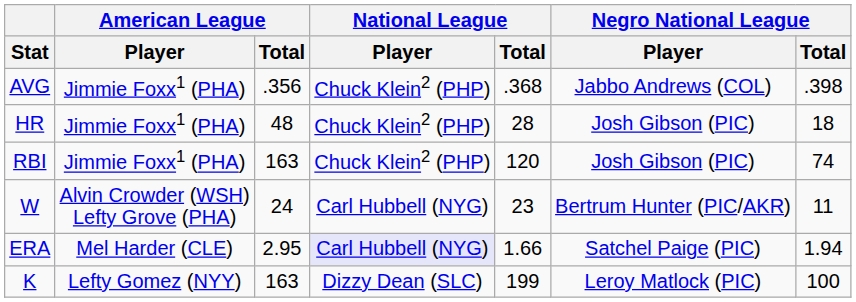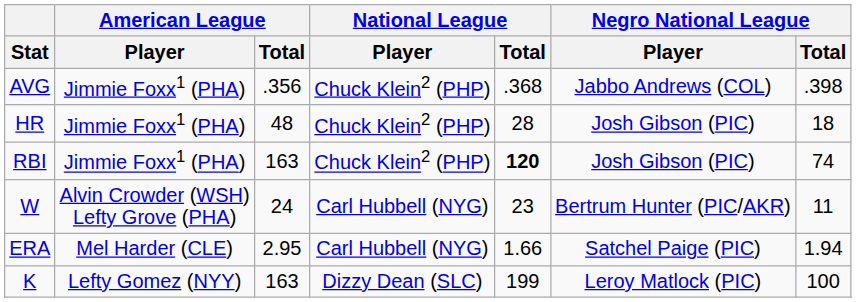 <table class="wikitable" style="text-align:center;">
 <tr>
 <th></th>
 <th colspan="2"><a href='#'>American League</a></th>
 <th colspan="2"><a href='#'>National League</a></th>
 <th colspan="2"><a href='#'>Negro National League</a></th>
 </tr>
 <tr>
 <th>Stat</th>
 <th>Player</th>
 <th>Total</th>
 <th>Player</th>
 <th>Total</th>
 <th>Player</th>
 <th>Total</th>
 </tr>
 <tr>
 <td><a href='#'>AVG</a></td>
 <td><a href='#'>Jimmie Foxx</a><sup>1</sup> (<a href='#'>PHA</a>)</td>
 <td>.356</td>
 <td><a href='#'>Chuck Klein</a><sup>2</sup> (<a href='#'>PHP</a>)</td>
 <td>.368</td>
 <td><a href='#'>Jabbo Andrews</a> (<a href='#'>COL</a>)</td>
 <td>.398</td>
 </tr>
 <tr>
 <td><a href='#'>HR</a></td>
 <td><a href='#'>Jimmie Foxx</a><sup>1</sup> (<a href='#'>PHA</a>)</td>
 <td>48</td>
 <td><a href='#'>Chuck Klein</a><sup>2</sup> (<a href='#'>PHP</a>)</td>
 <td>28</td>
 <td><a href='#'>Josh Gibson</a> (<a href='#'>PIC</a>)</td>
 <td>18</td>
 </tr>
 <tr>
 <td><a href='#'>RBI</a></td>
 <td><a href='#'>Jimmie Foxx</a><sup>1</sup> (<a href='#'>PHA</a>)</td>
 <td>163</td>
 <td><a href='#'>Chuck Klein</a><sup>2</sup> (<a href='#'>PHP</a>)</td>
-<td>120</td>
+<td><strong>120</strong></td>
 <td><a href='#'>Josh Gibson</a> (<a href='#'>PIC</a>)</td>
 <td>74</td>
 </tr>
 <tr>
 <td><a href='#'>W</a></td>
 <td><a href='#'>Alvin Crowder</a> (<a href='#'>WSH</a>)<br><a href='#'>Lefty Grove</a> (<a href='#'>PHA</a>)</td>
 <td>24</td>
 <td><a href='#'>Carl Hubbell</a> (<a href='#'>NYG</a>)</td>
 <td>23</td>
 <td><a href='#'>Bertrum Hunter</a> (<a href='#'>PIC</a>/<a href='#'>AKR</a>)</td>
 <td>11</td>
 </tr>
 <tr>
 <td><a href='#'>ERA</a></td>
 <td><a href='#'>Mel Harder</a> (<a href='#'>CLE</a>)</td>
 <td>2.95</td>
-<td style="background: lavender;"><a href='#'>Carl Hubbell</a> (<a href='#'>NYG</a>)</td>
+<td><a href='#'>Carl Hubbell</a> (<a href='#'>NYG</a>)</td>
 <td>1.66</td>
 <td><a href='#'>Satchel Paige</a> (<a href='#'>PIC</a>)</td>
 <td>1.94</td>
 </tr>
 <tr>
 <td><a href='#'>K</a></td>
 <td><a href='#'>Lefty Gomez</a> (<a href='#'>NYY</a>)</td>
 <td>163</td>
 <td><a href='#'>Dizzy Dean</a> (<a href='#'>SLC</a>)</td>
 <td>199</td>
 <td><a href='#'>Leroy Matlock</a> (<a href='#'>PIC</a>)</td>
 <td>100</td>
 </tr>
 </table>
